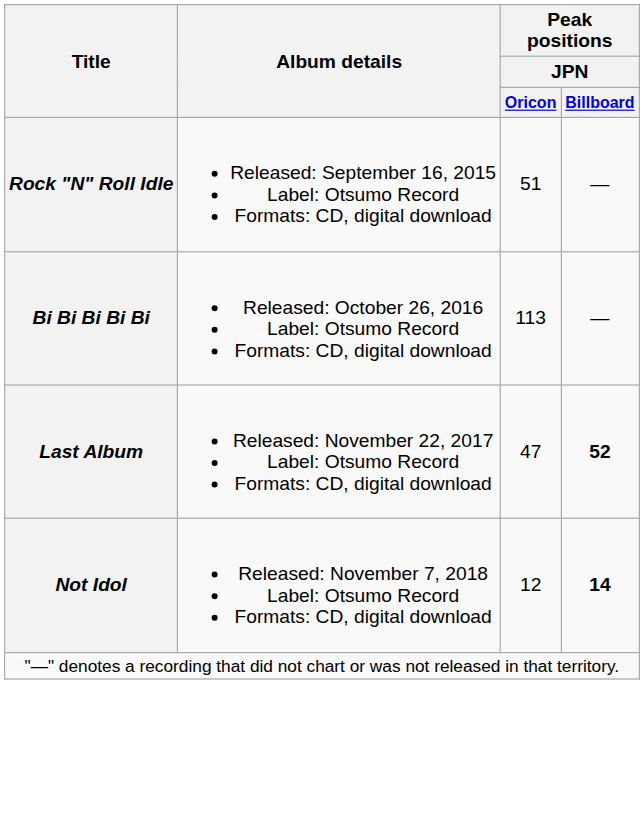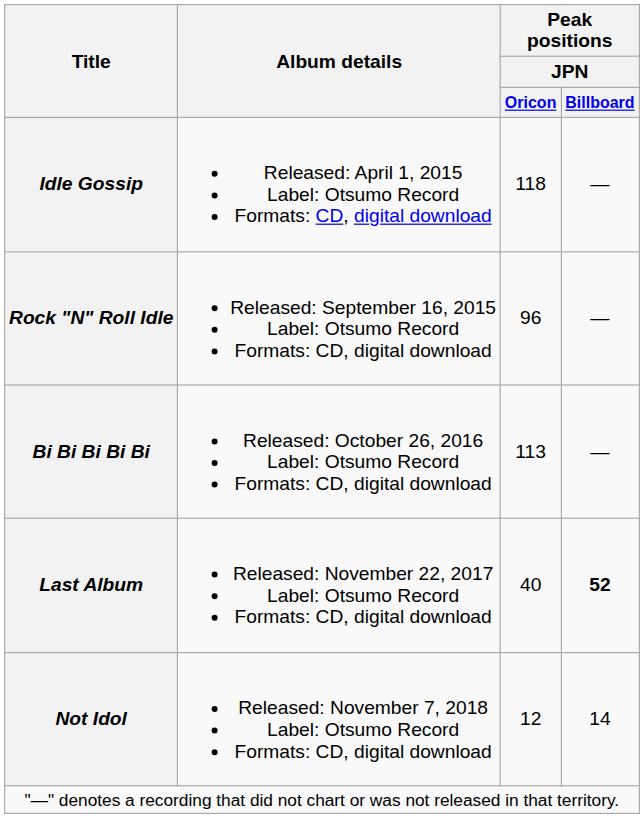 <table class="wikitable plainrowheaders" style="text-align:center;">
 <tr>
 <th scope="col" rowspan="3">Title</th>
 <th scope="col" rowspan="3">Album details</th>
 <th scope="col" colspan="2">Peak<br> positions</th>
 </tr>
 <tr>
 <th colspan="2">JPN</th>
 </tr>
 <tr>
 <th scope="col" colspan="1"><small><a href='#'>Oricon</a></small><br></th>
 <th scope="col" colspan="1"><small><a href='#'>Billboard</a></small><br></th>
 </tr>
 <tr>
+<th scope="row"><em>Idle Gossip</em></th>
+<td><br><ul><li>Released: April 1, 2015</li><li>Label: Otsumo Record</li><li>Formats: <a href='#'>CD</a>, <a href='#'>digital download</a></li></ul></td>
+<td>118</td>
+<td>—</td>
+</tr>
+<tr>
 <th scope="row"><em>Rock "N" Roll Idle</em></th>
 <td><br><ul><li>Released: September 16, 2015</li><li>Label: Otsumo Record</li><li>Formats: CD, digital download</li></ul></td>
-<td>51</td>
+<td>96</td>
 <td>—</td>
 </tr>
 <tr>
 <th scope="row"><em>Bi Bi Bi Bi Bi</em></th>
 <td><br><ul><li>Released: October 26, 2016</li><li>Label: Otsumo Record</li><li>Formats: CD, digital download</li></ul></td>
 <td>113</td>
 <td>—</td>
 </tr>
 <tr>
 <th scope="row"><em>Last Album</em></th>
 <td><br><ul><li>Released: November 22, 2017</li><li>Label: Otsumo Record</li><li>Formats: CD, digital download</li></ul></td>
-<td>47</td>
+<td>40</td>
 <td><strong>52</strong></td>
 </tr>
 <tr>
 <th scope="row"><em>Not Idol</em></th>
 <td><br><ul><li>Released: November 7, 2018</li><li>Label: Otsumo Record</li><li>Formats: CD, digital download</li></ul></td>
 <td>12</td>
-<td><strong>14</strong></td>
+<td>14</td>
 </tr>
 <tr>
 <td align="center" colspan="4" style="font-size:90%">"—" denotes a recording that did not chart or was not released in that territory.</td>
 </tr>
 </table>
